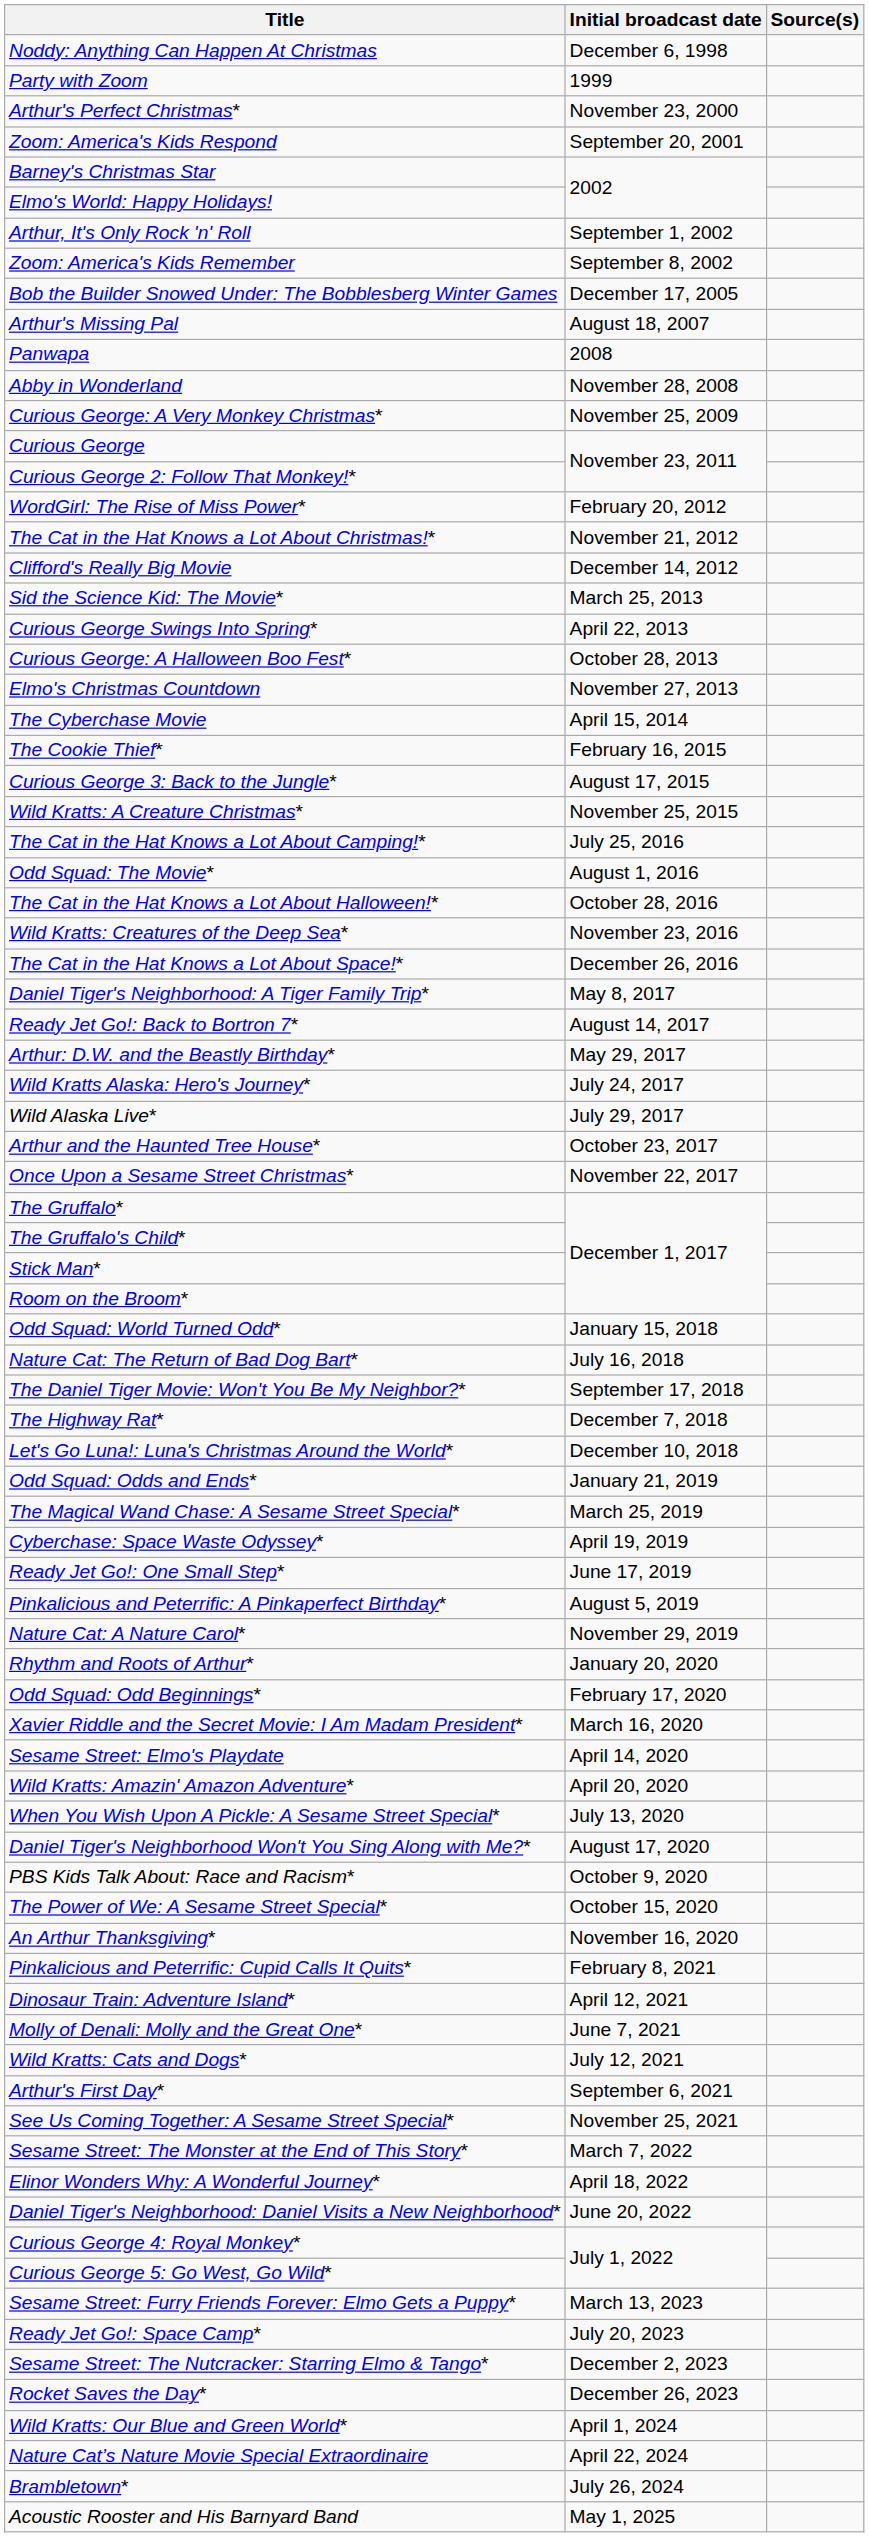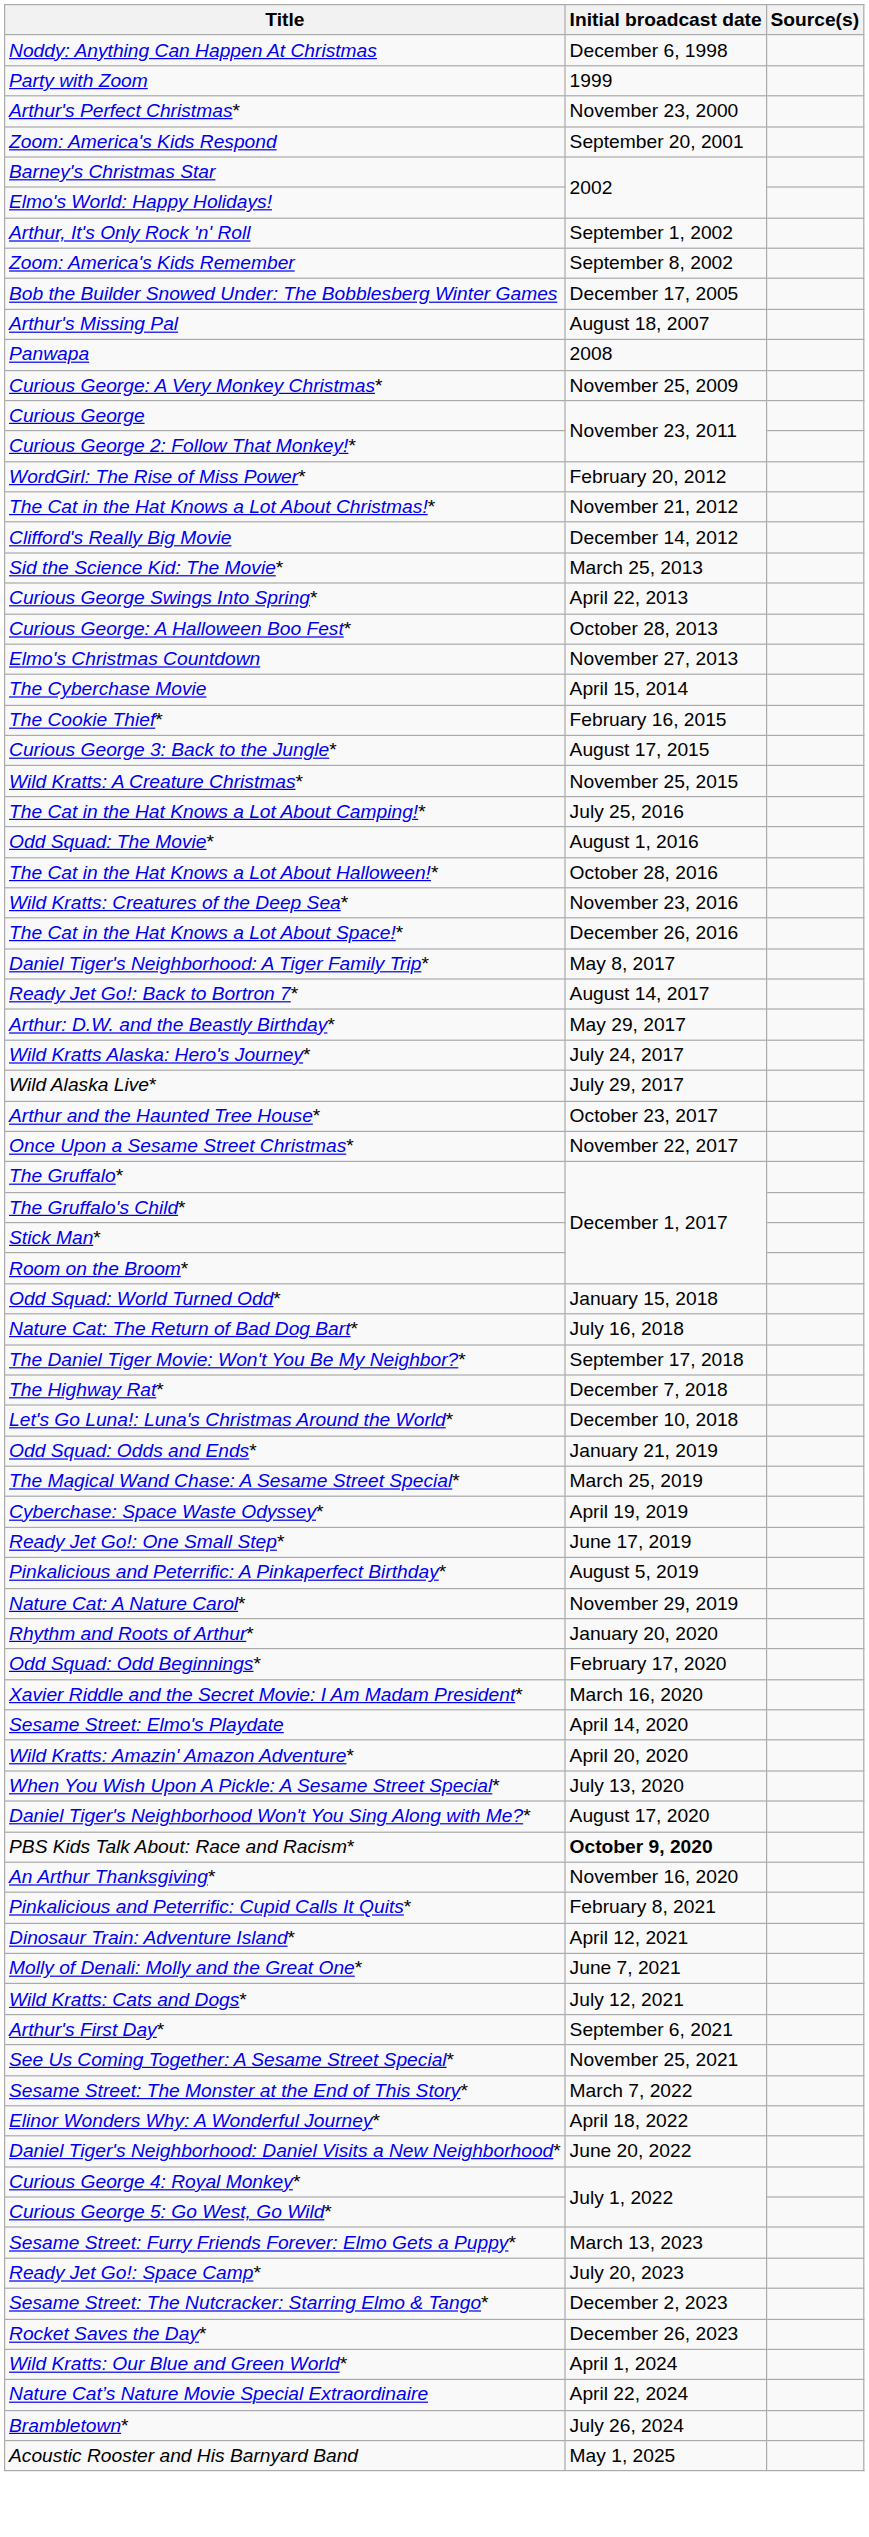 <table class="wikitable sortable">
 <tr>
 <th>Title</th>
 <th>Initial broadcast date</th>
 <th>Source(s)</th>
 </tr>
 <tr>
 <td><em><a href='#'>Noddy: Anything Can Happen At Christmas</a></em></td>
 <td>December 6, 1998</td>
 <td></td>
 </tr>
 <tr>
 <td><em><a href='#'>Party with Zoom</a></em></td>
 <td>1999</td>
 <td></td>
 </tr>
 <tr>
 <td><em><a href='#'>Arthur's Perfect Christmas</a></em>*</td>
 <td>November 23, 2000</td>
 <td></td>
 </tr>
 <tr>
 <td><em><a href='#'>Zoom: America's Kids Respond</a></em></td>
 <td>September 20, 2001</td>
 <td></td>
 </tr>
 <tr>
 <td><em><a href='#'>Barney's Christmas Star</a></em></td>
 <td rowspan="2">2002</td>
 <td></td>
 </tr>
 <tr>
 <td><em><a href='#'>Elmo's World: Happy Holidays!</a></em></td>
 <td></td>
 </tr>
 <tr>
 <td><em><a href='#'>Arthur, It's Only Rock 'n' Roll</a></em></td>
 <td>September 1, 2002</td>
 <td></td>
 </tr>
 <tr>
 <td><a href='#'><em>Zoom: America's Kids Remember</em></a></td>
 <td>September 8, 2002</td>
 <td></td>
 </tr>
 <tr>
 <td><em><a href='#'>Bob the Builder Snowed Under: The Bobblesberg Winter Games</a></em></td>
 <td>December 17, 2005</td>
 <td></td>
 </tr>
 <tr>
 <td><em><a href='#'>Arthur's Missing Pal</a></em></td>
 <td>August 18, 2007</td>
 <td></td>
 </tr>
 <tr>
 <td><em><a href='#'>Panwapa</a></em></td>
 <td>2008</td>
-<td></td>
-</tr>
-<tr>
-<td><em><a href='#'>Abby in Wonderland</a></em></td>
-<td>November 28, 2008</td>
 <td></td>
 </tr>
 <tr>
 <td><em><a href='#'>Curious George: A Very Monkey Christmas</a></em>*</td>
 <td>November 25, 2009</td>
 <td></td>
 </tr>
 <tr>
 <td><em><a href='#'>Curious George</a></em></td>
 <td rowspan=2>November 23, 2011</td>
 <td></td>
 </tr>
 <tr>
 <td><em><a href='#'>Curious George 2: Follow That Monkey!</a></em>*</td>
 <td></td>
 </tr>
 <tr>
 <td><em><a href='#'>WordGirl: The Rise of Miss Power</a></em>*</td>
 <td>February 20, 2012</td>
 <td></td>
 </tr>
 <tr>
 <td><em><a href='#'>The Cat in the Hat Knows a Lot About Christmas!</a></em>*</td>
 <td>November 21, 2012</td>
 <td></td>
 </tr>
 <tr>
 <td><em><a href='#'>Clifford's Really Big Movie</a></em></td>
 <td>December 14, 2012</td>
 <td></td>
 </tr>
 <tr>
 <td><em><a href='#'>Sid the Science Kid: The Movie</a></em>*</td>
 <td>March 25, 2013</td>
 <td></td>
 </tr>
 <tr>
 <td><em><a href='#'>Curious George Swings Into Spring</a></em>*</td>
 <td>April 22, 2013</td>
 <td></td>
 </tr>
 <tr>
 <td><em><a href='#'>Curious George: A Halloween Boo Fest</a></em>*</td>
 <td>October 28, 2013</td>
 <td></td>
 </tr>
 <tr>
 <td><em><a href='#'>Elmo's Christmas Countdown</a></em></td>
 <td>November 27, 2013</td>
 <td></td>
 </tr>
 <tr>
 <td><em><a href='#'>The Cyberchase Movie</a></em></td>
 <td>April 15, 2014</td>
 <td></td>
 </tr>
 <tr>
 <td><em><a href='#'>The Cookie Thief</a></em>*</td>
 <td>February 16, 2015</td>
 <td></td>
 </tr>
 <tr>
 <td><em><a href='#'>Curious George 3: Back to the Jungle</a></em>*</td>
 <td>August 17, 2015</td>
 <td></td>
 </tr>
 <tr>
 <td><em><a href='#'>Wild Kratts: A Creature Christmas</a></em>*</td>
 <td>November 25, 2015</td>
 <td></td>
 </tr>
 <tr>
 <td><em><a href='#'>The Cat in the Hat Knows a Lot About Camping!</a></em>*</td>
 <td>July 25, 2016</td>
 <td></td>
 </tr>
 <tr>
 <td><em><a href='#'>Odd Squad: The Movie</a></em>*</td>
 <td>August 1, 2016</td>
 <td></td>
 </tr>
 <tr>
 <td><em><a href='#'>The Cat in the Hat Knows a Lot About Halloween!</a></em>*</td>
 <td>October 28, 2016</td>
 <td></td>
 </tr>
 <tr>
 <td><em><a href='#'>Wild Kratts: Creatures of the Deep Sea</a></em>*</td>
 <td>November 23, 2016</td>
 <td></td>
 </tr>
 <tr>
 <td><em><a href='#'>The Cat in the Hat Knows a Lot About Space!</a></em>*</td>
 <td>December 26, 2016</td>
 <td></td>
 </tr>
 <tr>
 <td><em><a href='#'>Daniel Tiger's Neighborhood: A Tiger Family Trip</a></em>*</td>
 <td>May 8, 2017</td>
 <td></td>
 </tr>
 <tr>
 <td><em><a href='#'>Ready Jet Go!: Back to Bortron 7</a></em>*</td>
 <td>August 14, 2017</td>
 <td></td>
 </tr>
 <tr>
 <td><em><a href='#'>Arthur: D.W. and the Beastly Birthday</a></em>*</td>
 <td>May 29, 2017</td>
 <td></td>
 </tr>
 <tr>
 <td><em><a href='#'>Wild Kratts Alaska: Hero's Journey</a></em>*</td>
 <td>July 24, 2017</td>
 <td></td>
 </tr>
 <tr>
 <td><em>Wild Alaska Live</em>*</td>
 <td>July 29, 2017</td>
 <td></td>
 </tr>
 <tr>
 <td><em><a href='#'>Arthur and the Haunted Tree House</a></em>*</td>
 <td>October 23, 2017</td>
 <td></td>
 </tr>
 <tr>
 <td><em><a href='#'>Once Upon a Sesame Street Christmas</a></em>*</td>
 <td>November 22, 2017</td>
 <td></td>
 </tr>
 <tr>
 <td><em><a href='#'>The Gruffalo</a></em>*</td>
 <td rowspan=4>December 1, 2017</td>
 <td></td>
 </tr>
 <tr>
 <td><em><a href='#'>The Gruffalo's Child</a></em>*</td>
 <td></td>
 </tr>
 <tr>
 <td><em><a href='#'>Stick Man</a></em>*</td>
 <td></td>
 </tr>
 <tr>
 <td><em><a href='#'>Room on the Broom</a></em>*</td>
 <td></td>
 </tr>
 <tr>
 <td><em><a href='#'>Odd Squad: World Turned Odd</a></em>*</td>
 <td>January 15, 2018</td>
 <td></td>
 </tr>
 <tr>
 <td><em><a href='#'>Nature Cat: The Return of Bad Dog Bart</a></em>*</td>
 <td>July 16, 2018</td>
 <td></td>
 </tr>
 <tr>
 <td><em><a href='#'>The Daniel Tiger Movie: Won't You Be My Neighbor?</a></em>*</td>
 <td>September 17, 2018</td>
 <td></td>
 </tr>
 <tr>
 <td><em><a href='#'>The Highway Rat</a></em>*</td>
 <td>December 7, 2018</td>
 <td></td>
 </tr>
 <tr>
 <td><em><a href='#'>Let's Go Luna!: Luna's Christmas Around the World</a></em>*</td>
 <td>December 10, 2018</td>
 <td></td>
 </tr>
 <tr>
 <td><em><a href='#'>Odd Squad: Odds and Ends</a></em>*</td>
 <td>January 21, 2019</td>
 <td></td>
 </tr>
 <tr>
 <td><em><a href='#'>The Magical Wand Chase: A Sesame Street Special</a></em>*</td>
 <td>March 25, 2019</td>
 <td></td>
 </tr>
 <tr>
 <td><em><a href='#'>Cyberchase: Space Waste Odyssey</a></em>*</td>
 <td>April 19, 2019</td>
 <td></td>
 </tr>
 <tr>
 <td><em><a href='#'>Ready Jet Go!: One Small Step</a></em>*</td>
 <td>June 17, 2019</td>
 <td></td>
 </tr>
 <tr>
 <td><em><a href='#'>Pinkalicious and Peterrific: A Pinkaperfect Birthday</a></em>*</td>
 <td>August 5, 2019</td>
 <td></td>
 </tr>
 <tr>
 <td><em><a href='#'>Nature Cat: A Nature Carol</a></em>*</td>
 <td>November 29, 2019</td>
 <td></td>
 </tr>
 <tr>
 <td><em><a href='#'>Rhythm and Roots of Arthur</a></em>*</td>
 <td>January 20, 2020</td>
 <td></td>
 </tr>
 <tr>
 <td><em><a href='#'>Odd Squad: Odd Beginnings</a></em>*</td>
 <td>February 17, 2020</td>
 <td></td>
 </tr>
 <tr>
 <td><em><a href='#'>Xavier Riddle and the Secret Movie: I Am Madam President</a></em>*</td>
 <td>March 16, 2020</td>
 <td></td>
 </tr>
 <tr>
 <td><em><a href='#'>Sesame Street: Elmo's Playdate</a></em></td>
 <td>April 14, 2020</td>
 <td></td>
 </tr>
 <tr>
 <td><em><a href='#'>Wild Kratts: Amazin' Amazon Adventure</a></em>*</td>
 <td>April 20, 2020</td>
 <td></td>
 </tr>
 <tr>
 <td><em><a href='#'>When You Wish Upon A Pickle: A Sesame Street Special</a></em>*</td>
 <td>July 13, 2020</td>
 <td></td>
 </tr>
 <tr>
 <td><em><a href='#'>Daniel Tiger's Neighborhood Won't You Sing Along with Me?</a></em>*</td>
 <td>August 17, 2020</td>
 <td></td>
 </tr>
 <tr>
 <td><em>PBS Kids Talk About: Race and Racism</em>*</td>
-<td>October 9, 2020</td>
-<td></td>
-</tr>
-<tr>
-<td><em><a href='#'>The Power of We: A Sesame Street Special</a></em>*</td>
-<td>October 15, 2020</td>
+<td><strong>October 9, 2020</strong></td>
 <td></td>
 </tr>
 <tr>
 <td><em><a href='#'>An Arthur Thanksgiving</a></em>*</td>
 <td>November 16, 2020</td>
 <td></td>
 </tr>
 <tr>
 <td><em><a href='#'>Pinkalicious and Peterrific: Cupid Calls It Quits</a></em>*</td>
 <td>February 8, 2021</td>
 <td></td>
 </tr>
 <tr>
 <td><em><a href='#'>Dinosaur Train: Adventure Island</a></em>*</td>
 <td>April 12, 2021</td>
 <td></td>
 </tr>
 <tr>
 <td><em><a href='#'>Molly of Denali: Molly and the Great One</a></em>*</td>
 <td>June 7, 2021</td>
 <td></td>
 </tr>
 <tr>
 <td><em><a href='#'>Wild Kratts: Cats and Dogs</a></em>*</td>
 <td>July 12, 2021</td>
 <td></td>
 </tr>
 <tr>
 <td><em><a href='#'>Arthur's First Day</a></em>*</td>
 <td>September 6, 2021</td>
 <td></td>
 </tr>
 <tr>
 <td><em><a href='#'>See Us Coming Together: A Sesame Street Special</a></em>*</td>
 <td>November 25, 2021</td>
 <td></td>
 </tr>
 <tr>
 <td><em><a href='#'>Sesame Street: The Monster at the End of This Story</a></em>*</td>
 <td>March 7, 2022</td>
 <td></td>
 </tr>
 <tr>
 <td><em><a href='#'>Elinor Wonders Why: A Wonderful Journey</a></em>*</td>
 <td>April 18, 2022</td>
 <td></td>
 </tr>
 <tr>
 <td><em><a href='#'>Daniel Tiger's Neighborhood: Daniel Visits a New Neighborhood</a></em>*</td>
 <td>June 20, 2022</td>
 <td></td>
 </tr>
 <tr>
 <td><em><a href='#'>Curious George 4: Royal Monkey</a></em>*</td>
 <td rowspan="2">July 1, 2022</td>
 <td></td>
 </tr>
 <tr>
 <td><em><a href='#'>Curious George 5: Go West, Go Wild</a></em>*</td>
 <td></td>
 </tr>
 <tr>
 <td><em><a href='#'>Sesame Street: Furry Friends Forever: Elmo Gets a Puppy</a></em>*</td>
 <td>March 13, 2023</td>
 <td></td>
 </tr>
 <tr>
 <td><em><a href='#'>Ready Jet Go!: Space Camp</a></em>*</td>
 <td>July 20, 2023</td>
 <td></td>
 </tr>
 <tr>
 <td><em><a href='#'>Sesame Street: The Nutcracker: Starring Elmo & Tango</a></em>*</td>
 <td>December 2, 2023</td>
 <td></td>
 </tr>
 <tr>
 <td><em><a href='#'>Rocket Saves the Day</a></em>*</td>
 <td>December 26, 2023</td>
 <td></td>
 </tr>
 <tr>
 <td><em><a href='#'>Wild Kratts: Our Blue and Green World</a></em>*</td>
 <td>April 1, 2024</td>
 <td></td>
 </tr>
 <tr>
 <td><em><a href='#'>Nature Cat’s Nature Movie Special Extraordinaire</a></em></td>
 <td>April 22, 2024</td>
 <td></td>
 </tr>
 <tr>
 <td><em><a href='#'>Brambletown</a></em>*</td>
 <td>July 26, 2024</td>
 <td></td>
 </tr>
 <tr>
 <td><em>Acoustic Rooster and His Barnyard Band</em></td>
 <td>May 1, 2025</td>
 <td></td>
 </tr>
 </table>
